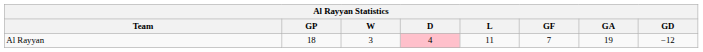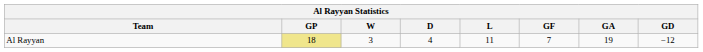 <table class="wikitable" style="width:90%; text-align:center; font-size: 90%;">
 <tr>
 <th colspan=8>Al Rayyan Statistics</th>
 </tr>
 <tr>
 <th style="width:28%;">Team</th>
 <th width=6%>GP</th>
 <th width=6%>W</th>
 <th width=6%>D</th>
 <th width=6%>L</th>
 <th width=6%>GF</th>
 <th width=6%>GA</th>
 <th width=6%>GD</th>
 </tr>
 <tr>
 <td align=left> Al Rayyan</td>
-<td>18</td>
+<td style="background: khaki;">18</td>
 <td>3</td>
-<td style="background: pink;">4</td>
+<td>4</td>
 <td>11</td>
 <td>7</td>
 <td>19</td>
 <td>−12</td>
 </tr>
 </table>
